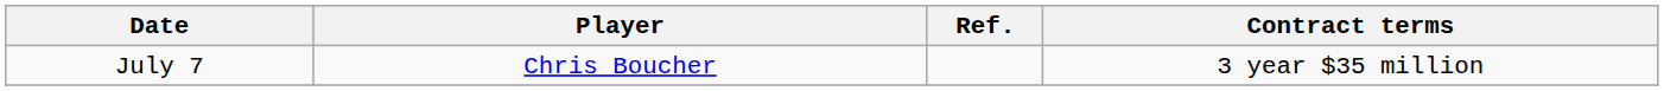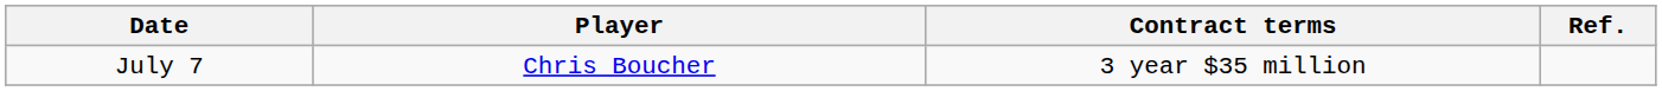 <table class="wikitable sortable sortable" style="text-align: center">
 <tr>
 <th width="5%">Date</th>
 <th width="10%">Player</th>
+<th width="10%">Contract terms</th>
 <th class="unsortable" width="1%">Ref.</th>
-<th width="10%">Contract terms</th>
 </tr>
 <tr>
 <td>July 7</td>
 <td><a href='#'>Chris Boucher</a></td>
+<td>3 year $35 million</td>
 <td></td>
-<td>3 year $35 million</td>
 </tr>
 </table>
